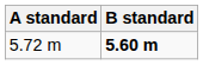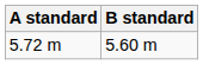 <table class="wikitable" border="1" align="upright">
 <tr>
 <th>A standard</th>
 <th>B standard</th>
 </tr>
 <tr>
 <td>5.72 m</td>
-<td><strong>5.60 m</strong></td>
+<td>5.60 m</td>
 </tr>
 </table>
